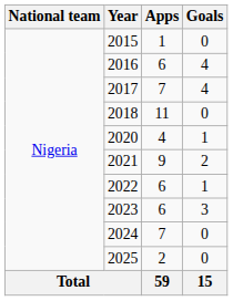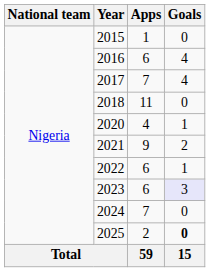 <table class="wikitable" style="text-align: center;">
 <tr>
 <th>National team</th>
 <th>Year</th>
 <th>Apps</th>
 <th>Goals</th>
 </tr>
 <tr>
 <td rowspan="10"><a href='#'>Nigeria</a></td>
 <td>2015</td>
 <td>1</td>
 <td>0</td>
 </tr>
 <tr>
 <td>2016</td>
 <td>6</td>
 <td>4</td>
 </tr>
 <tr>
 <td>2017</td>
 <td>7</td>
 <td>4</td>
 </tr>
 <tr>
 <td>2018</td>
 <td>11</td>
 <td>0</td>
 </tr>
 <tr>
 <td>2020</td>
 <td>4</td>
 <td>1</td>
 </tr>
 <tr>
 <td>2021</td>
 <td>9</td>
 <td>2</td>
 </tr>
 <tr>
 <td>2022</td>
 <td>6</td>
 <td>1</td>
 </tr>
 <tr>
 <td>2023</td>
 <td>6</td>
-<td>3</td>
+<td style="background: lavender;">3</td>
 </tr>
 <tr>
 <td>2024</td>
 <td>7</td>
 <td>0</td>
 </tr>
 <tr>
 <td>2025</td>
 <td>2</td>
-<td>0</td>
+<td><strong>0</strong></td>
 </tr>
 <tr>
 <th colspan="2">Total</th>
 <th>59</th>
 <th>15</th>
 </tr>
 </table>
